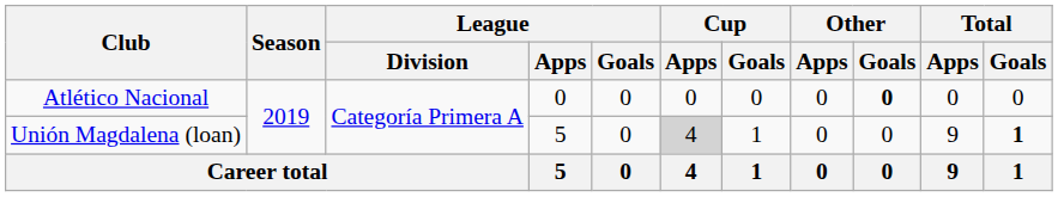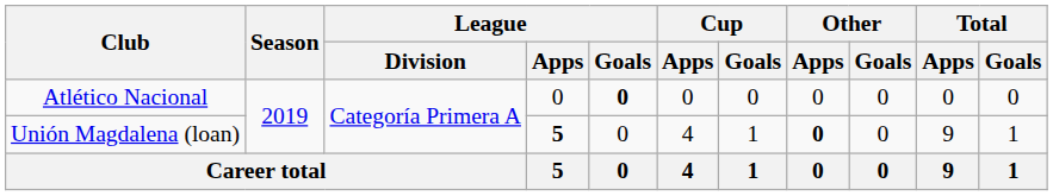 <table class="wikitable" style="text-align: center">
 <tr>
 <th rowspan="2">Club</th>
 <th rowspan="2">Season</th>
 <th colspan="3">League</th>
 <th colspan="2">Cup</th>
 <th colspan="2">Other</th>
 <th colspan="2">Total</th>
 </tr>
 <tr>
 <th>Division</th>
 <th>Apps</th>
 <th>Goals</th>
 <th>Apps</th>
 <th>Goals</th>
 <th>Apps</th>
 <th>Goals</th>
 <th>Apps</th>
 <th>Goals</th>
 </tr>
 <tr>
 <td><a href='#'>Atlético Nacional</a></td>
 <td rowspan="2"><a href='#'>2019</a></td>
 <td rowspan="2"><a href='#'>Categoría Primera A</a></td>
 <td>0</td>
+<td><strong>0</strong></td>
 <td>0</td>
 <td>0</td>
 <td>0</td>
 <td>0</td>
-<td><strong>0</strong></td>
 <td>0</td>
 <td>0</td>
 </tr>
 <tr>
 <td><a href='#'>Unión Magdalena</a> (loan)</td>
-<td>5</td>
+<td><strong>5</strong></td>
 <td>0</td>
-<td style="background: lightgrey;">4</td>
+<td>4</td>
 <td>1</td>
-<td>0</td>
+<td><strong>0</strong></td>
 <td>0</td>
 <td>9</td>
-<td><strong>1</strong></td>
+<td>1</td>
 </tr>
 <tr>
 <th colspan="3"><strong>Career total</strong></th>
 <th>5</th>
 <th>0</th>
 <th>4</th>
 <th>1</th>
 <th>0</th>
 <th>0</th>
 <th>9</th>
 <th>1</th>
 </tr>
 </table>
